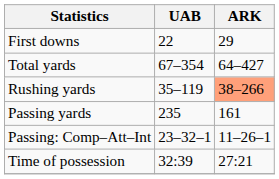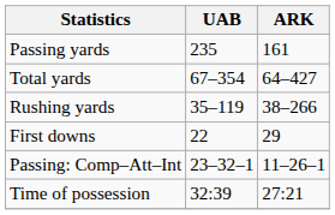 <table class="wikitable" style="float: left;">
 <tr>
 <th>Statistics</th>
 <th>UAB</th>
 <th>ARK</th>
 </tr>
 <tr>
-<td>First downs</td>
-<td>22</td>
-<td>29</td>
+<td>Passing yards</td>
+<td>235</td>
+<td>161</td>
 </tr>
 <tr>
 <td>Total yards</td>
 <td>67–354</td>
 <td>64–427</td>
 </tr>
 <tr>
 <td>Rushing yards</td>
 <td>35–119</td>
-<td style="background: lightsalmon;">38–266</td>
+<td>38–266</td>
 </tr>
 <tr>
-<td>Passing yards</td>
-<td>235</td>
-<td>161</td>
+<td>First downs</td>
+<td>22</td>
+<td>29</td>
 </tr>
 <tr>
 <td>Passing: Comp–Att–Int</td>
 <td>23–32–1</td>
 <td>11–26–1</td>
 </tr>
 <tr>
 <td>Time of possession</td>
 <td>32:39</td>
 <td>27:21</td>
 </tr>
 <tr>
 </tr>
 </table>
